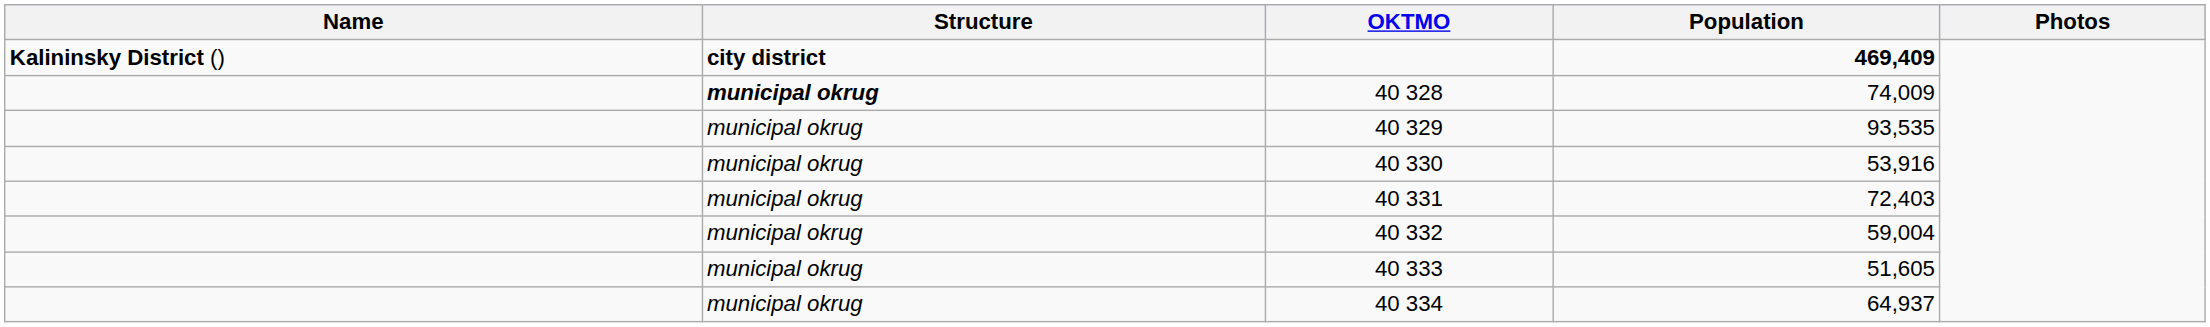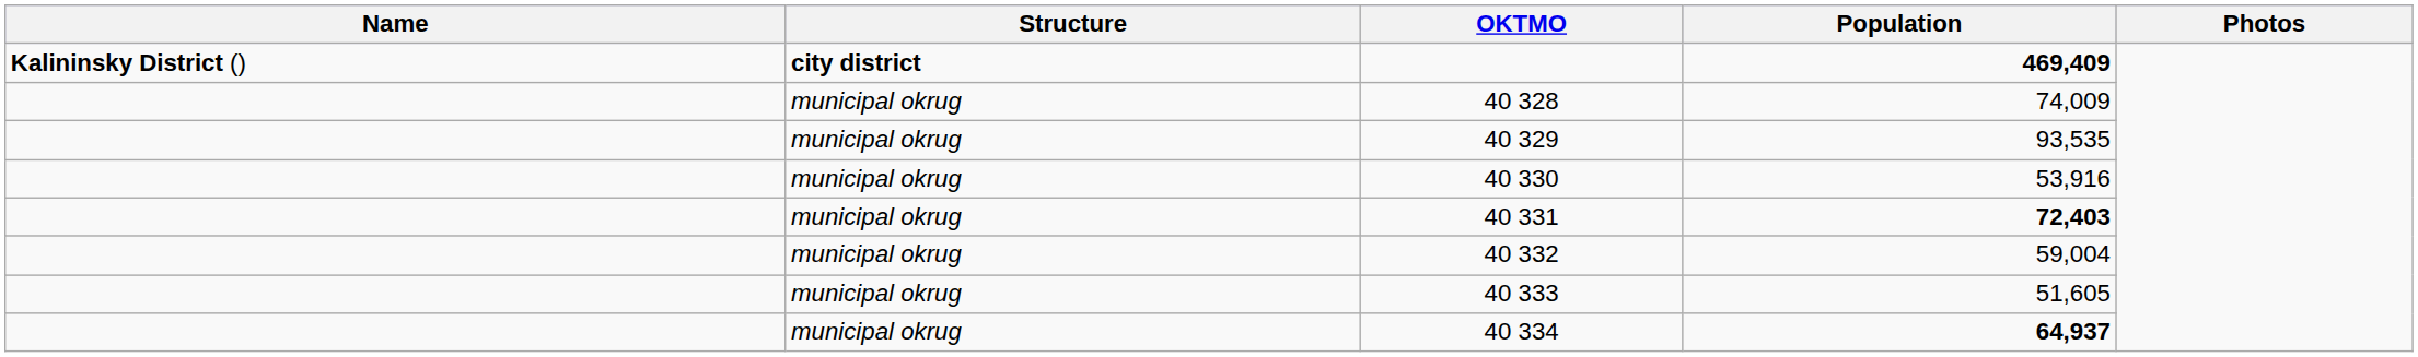 <table width=100% class="wikitable">
 <tr bgcolor="#CCCCFF" align="left">
 <th>Name</th>
 <th>Structure</th>
 <th><a href='#'>OKTMO</a></th>
 <th>Population</th>
 <th>Photos</th>
 </tr>
 <tr valign="top">
 <td><strong>Kalininsky District</strong> ()</td>
 <td align="left"><strong>city district</strong></td>
 <td></td>
 <td align="right"><strong>469,409</strong></td>
 <td rowspan="9"></td>
 </tr>
 <tr>
 <td><br></td>
-<td align="left"><strong><em>municipal okrug</em></strong></td>
+<td align="left"><em>municipal okrug</em></td>
 <td align="center">40 328</td>
 <td align="right">74,009</td>
 </tr>
 <tr>
 <td><br></td>
 <td align="left"><em>municipal okrug</em></td>
 <td align="center">40 329</td>
 <td align="right">93,535</td>
 </tr>
 <tr>
 <td><br></td>
 <td align="left"><em>municipal okrug</em></td>
 <td align="center">40 330</td>
 <td align="right">53,916</td>
 </tr>
 <tr>
 <td><br></td>
 <td align="left"><em>municipal okrug</em></td>
 <td align="center">40 331</td>
-<td align="right">72,403</td>
+<td align="right"><strong>72,403</strong></td>
 </tr>
 <tr>
 <td><br></td>
 <td align="left"><em>municipal okrug</em></td>
 <td align="center">40 332</td>
 <td align="right">59,004</td>
 </tr>
 <tr>
 <td><br></td>
 <td align="left"><em>municipal okrug</em></td>
 <td align="center">40 333</td>
 <td align="right">51,605</td>
 </tr>
 <tr>
 <td><br></td>
 <td align="left"><em>municipal okrug</em></td>
 <td align="center">40 334</td>
-<td align="right">64,937</td>
+<td align="right"><strong>64,937</strong></td>
 </tr>
 </table>
